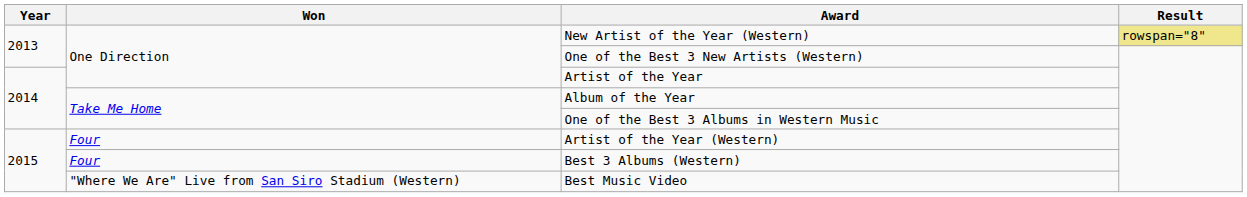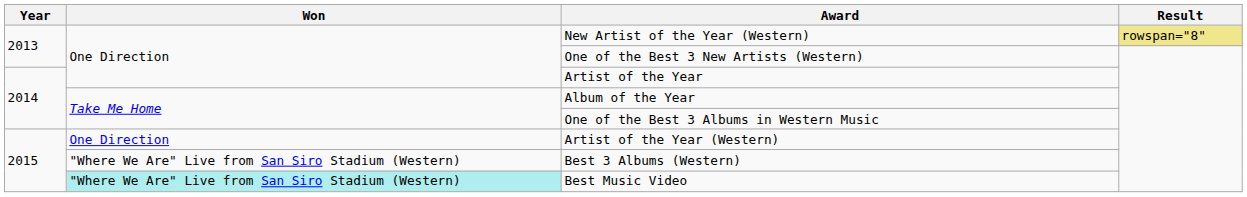 <table class="wikitable" style="width:100%;">
 <tr>
 <th width=5%>Year</th>
 <th style="width:40%;">Won</th>
 <th style="width:45%;">Award</th>
 <th style="width:10%;">Result</th>
 </tr>
 <tr>
 <td rowspan="2">2013</td>
 <td rowspan="3">One Direction</td>
 <td>New Artist of the Year (Western)</td>
 <td style="background: khaki;">rowspan="8" </td>
 </tr>
 <tr>
 <td>One of the Best 3 New Artists (Western)</td>
 </tr>
 <tr>
 <td rowspan="3">2014</td>
 <td>Artist of the Year</td>
 </tr>
 <tr>
 <td rowspan="2"><em><a href='#'>Take Me Home</a></em></td>
 <td>Album of the Year</td>
 </tr>
 <tr>
 <td>One of the Best 3 Albums in Western Music</td>
 </tr>
 <tr>
 <td rowspan="3">2015</td>
-<td><em><a href='#'>Four</a></em></td>
+<td><a href='#'>One Direction</a></td>
 <td>Artist of the Year (Western)</td>
 </tr>
 <tr>
-<td><em><a href='#'>Four</a></em></td>
+<td>"Where We Are" Live from <a href='#'>San Siro</a> Stadium (Western)</td>
 <td>Best 3 Albums (Western)</td>
 </tr>
 <tr>
-<td>"Where We Are" Live from <a href='#'>San Siro</a> Stadium (Western)</td>
+<td style="background: paleturquoise;">"Where We Are" Live from <a href='#'>San Siro</a> Stadium (Western)</td>
 <td>Best Music Video</td>
 </tr>
 </table>
